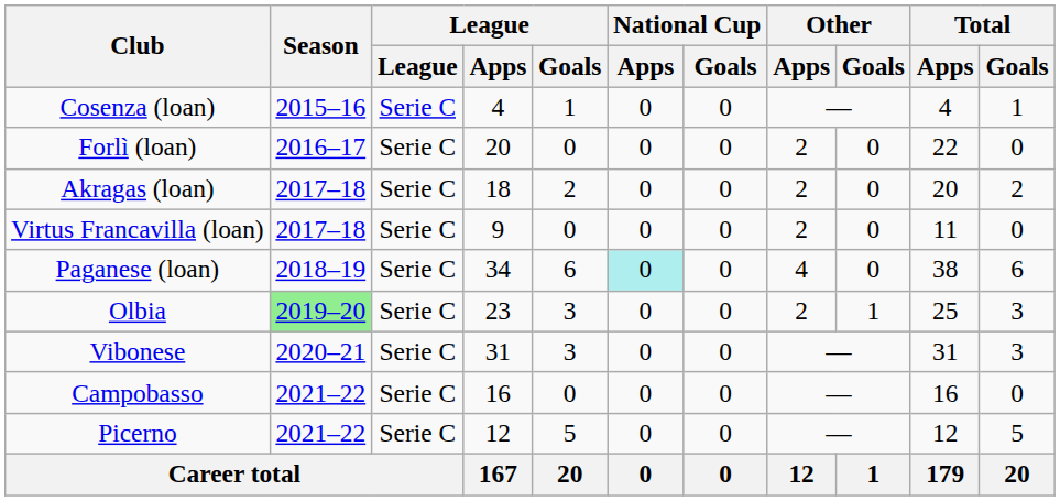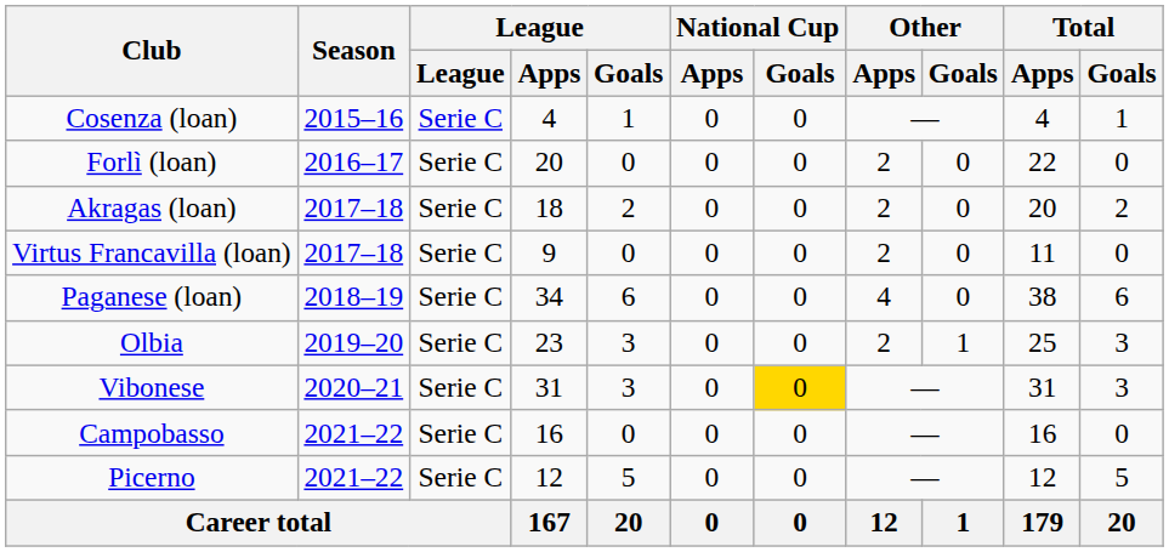 <table class="wikitable" style="text-align: center;">
 <tr>
 <th rowspan="2">Club</th>
 <th rowspan="2">Season</th>
 <th colspan="3">League</th>
 <th colspan="2">National Cup</th>
 <th colspan="2">Other</th>
 <th colspan="2">Total</th>
 </tr>
 <tr>
 <th>League</th>
 <th>Apps</th>
 <th>Goals</th>
 <th>Apps</th>
 <th>Goals</th>
 <th>Apps</th>
 <th>Goals</th>
 <th>Apps</th>
 <th>Goals</th>
 </tr>
 <tr>
 <td><a href='#'>Cosenza</a> (loan)</td>
 <td><a href='#'>2015–16</a></td>
 <td><a href='#'>Serie C</a></td>
 <td>4</td>
 <td>1</td>
 <td>0</td>
 <td>0</td>
 <td colspan="2">—</td>
 <td>4</td>
 <td>1</td>
 </tr>
 <tr>
 <td><a href='#'>Forlì</a> (loan)</td>
 <td><a href='#'>2016–17</a></td>
 <td>Serie C</td>
 <td>20</td>
 <td>0</td>
 <td>0</td>
 <td>0</td>
 <td>2</td>
 <td>0</td>
 <td>22</td>
 <td>0</td>
 </tr>
 <tr>
 <td><a href='#'>Akragas</a> (loan)</td>
 <td><a href='#'>2017–18</a></td>
 <td>Serie C</td>
 <td>18</td>
 <td>2</td>
 <td>0</td>
 <td>0</td>
 <td>2</td>
 <td>0</td>
 <td>20</td>
 <td>2</td>
 </tr>
 <tr>
 <td><a href='#'>Virtus Francavilla</a> (loan)</td>
 <td><a href='#'>2017–18</a></td>
 <td>Serie C</td>
 <td>9</td>
 <td>0</td>
 <td>0</td>
 <td>0</td>
 <td>2</td>
 <td>0</td>
 <td>11</td>
 <td>0</td>
 </tr>
 <tr>
 <td><a href='#'>Paganese</a> (loan)</td>
 <td><a href='#'>2018–19</a></td>
 <td>Serie C</td>
 <td>34</td>
 <td>6</td>
-<td style="background: paleturquoise;">0</td>
+<td>0</td>
 <td>0</td>
 <td>4</td>
 <td>0</td>
 <td>38</td>
 <td>6</td>
 </tr>
 <tr>
 <td><a href='#'>Olbia</a></td>
-<td style="background: lightgreen;"><a href='#'>2019–20</a></td>
+<td><a href='#'>2019–20</a></td>
 <td>Serie C</td>
 <td>23</td>
 <td>3</td>
 <td>0</td>
 <td>0</td>
 <td>2</td>
 <td>1</td>
 <td>25</td>
 <td>3</td>
 </tr>
 <tr>
 <td><a href='#'>Vibonese</a></td>
 <td><a href='#'>2020–21</a></td>
 <td>Serie C</td>
 <td>31</td>
 <td>3</td>
 <td>0</td>
-<td>0</td>
+<td style="background: gold;">0</td>
 <td colspan="2">—</td>
 <td>31</td>
 <td>3</td>
 </tr>
 <tr>
 <td><a href='#'>Campobasso</a></td>
 <td><a href='#'>2021–22</a></td>
 <td>Serie C</td>
 <td>16</td>
 <td>0</td>
 <td>0</td>
 <td>0</td>
 <td colspan="2">—</td>
 <td>16</td>
 <td>0</td>
 </tr>
 <tr>
 <td><a href='#'>Picerno</a></td>
 <td><a href='#'>2021–22</a></td>
 <td>Serie C</td>
 <td>12</td>
 <td>5</td>
 <td>0</td>
 <td>0</td>
 <td colspan="2">—</td>
 <td>12</td>
 <td>5</td>
 </tr>
 <tr>
 <th colspan="3">Career total</th>
 <th>167</th>
 <th>20</th>
 <th>0</th>
 <th>0</th>
 <th>12</th>
 <th>1</th>
 <th>179</th>
 <th>20</th>
 </tr>
 </table>
